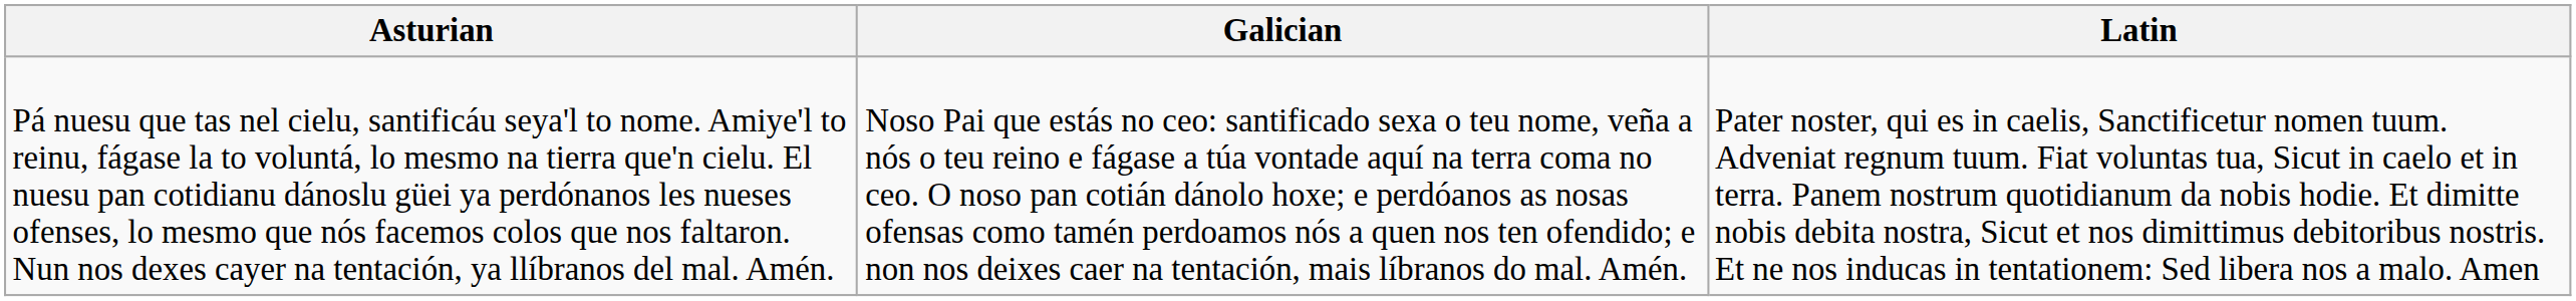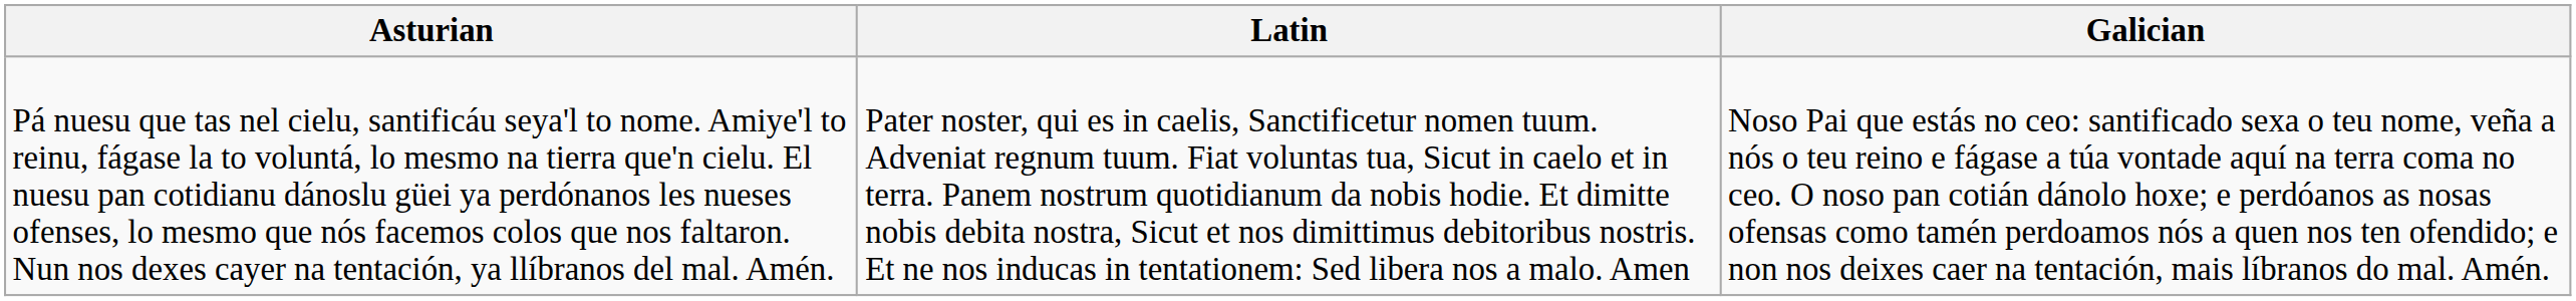 <table class="wikitable">
 <tr>
 <th>Asturian</th>
+<th>Latin</th>
 <th>Galician</th>
-<th>Latin</th>
 </tr>
 <tr>
 <td><br>Pá nuesu que tas nel cielu, santificáu seya'l to nome. Amiye'l to reinu, fágase la to voluntá, lo mesmo na tierra que'n cielu. El nuesu pan cotidianu dánoslu güei ya perdónanos les nueses ofenses, lo mesmo que nós facemos colos que nos faltaron. Nun nos dexes cayer na tentación, ya llíbranos del mal. Amén.</td>
+<td><br>Pater noster, qui es in caelis, Sanctificetur nomen tuum. Adveniat regnum tuum. Fiat voluntas tua, Sicut in caelo et in terra. Panem nostrum quotidianum da nobis hodie. Et dimitte nobis debita nostra, Sicut et nos dimittimus debitoribus nostris. Et ne nos inducas in tentationem: Sed libera nos a malo. Amen</td>
 <td><br>Noso Pai que estás no ceo: santificado sexa o teu nome, veña a nós o teu reino e fágase a túa vontade aquí na terra coma no ceo. O noso pan cotián dánolo hoxe; e perdóanos as nosas ofensas como tamén perdoamos nós a quen nos ten ofendido; e non nos deixes caer na tentación, mais líbranos do mal. Amén.</td>
-<td><br>Pater noster, qui es in caelis, Sanctificetur nomen tuum. Adveniat regnum tuum. Fiat voluntas tua, Sicut in caelo et in terra. Panem nostrum quotidianum da nobis hodie. Et dimitte nobis debita nostra, Sicut et nos dimittimus debitoribus nostris. Et ne nos inducas in tentationem: Sed libera nos a malo. Amen</td>
 </tr>
 </table>
